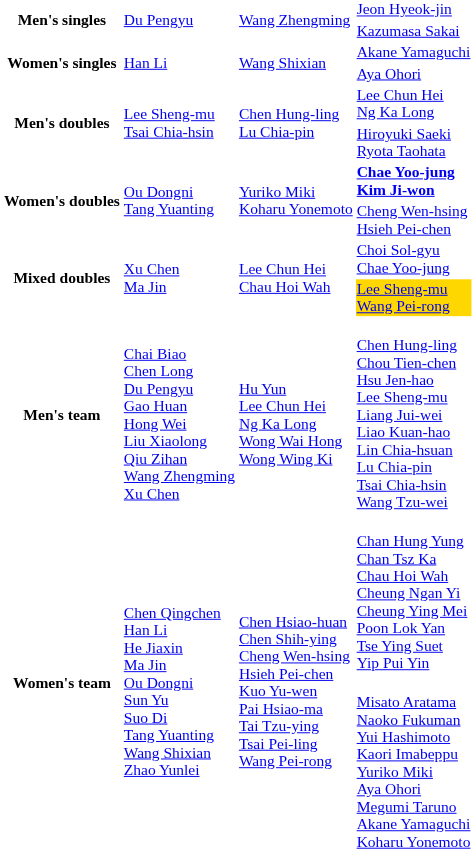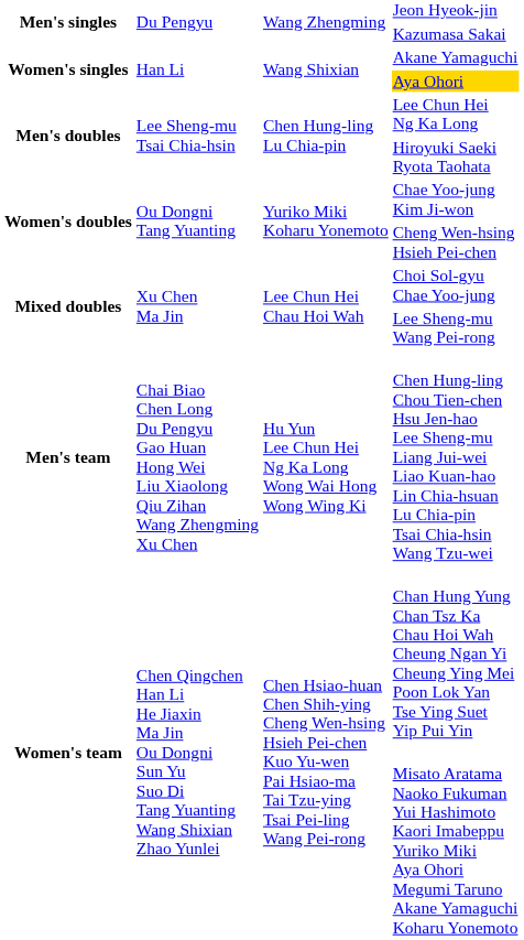 <table>
 <tr>
 <th rowspan=2>Men's singles</th>
 <td rowspan=2> <a href='#'>Du Pengyu</a></td>
 <td rowspan=2> <a href='#'>Wang Zhengming</a></td>
 <td> <a href='#'>Jeon Hyeok-jin</a></td>
 </tr>
 <tr>
 <td> <a href='#'>Kazumasa Sakai</a></td>
 </tr>
 <tr>
 <th rowspan=2>Women's singles</th>
 <td rowspan=2> <a href='#'>Han Li</a></td>
 <td rowspan=2> <a href='#'>Wang Shixian</a></td>
 <td> <a href='#'>Akane Yamaguchi</a></td>
 </tr>
 <tr>
-<td> <a href='#'>Aya Ohori</a></td>
+<td style="background: gold;"> <a href='#'>Aya Ohori</a></td>
 </tr>
 <tr>
 <th rowspan=2>Men's doubles</th>
 <td rowspan=2> <a href='#'>Lee Sheng-mu</a><br> <a href='#'>Tsai Chia-hsin</a></td>
 <td rowspan=2> <a href='#'>Chen Hung-ling</a><br> <a href='#'>Lu Chia-pin</a></td>
 <td> <a href='#'>Lee Chun Hei</a><br> <a href='#'>Ng Ka Long</a></td>
 </tr>
 <tr>
 <td> <a href='#'>Hiroyuki Saeki</a><br> <a href='#'>Ryota Taohata</a></td>
 </tr>
 <tr>
 <th rowspan=2>Women's doubles</th>
 <td rowspan=2> <a href='#'>Ou Dongni</a> <br> <a href='#'>Tang Yuanting</a></td>
 <td rowspan=2> <a href='#'>Yuriko Miki</a><br> <a href='#'>Koharu Yonemoto</a></td>
-<td><strong> <a href='#'>Chae Yoo-jung</a><br> <a href='#'>Kim Ji-won</a></strong></td>
+<td> <a href='#'>Chae Yoo-jung</a><br> <a href='#'>Kim Ji-won</a></td>
 </tr>
 <tr>
 <td> <a href='#'>Cheng Wen-hsing</a><br> <a href='#'>Hsieh Pei-chen</a></td>
 </tr>
 <tr>
 <th rowspan=2>Mixed doubles</th>
 <td rowspan=2> <a href='#'>Xu Chen</a><br> <a href='#'>Ma Jin</a></td>
 <td rowspan=2> <a href='#'>Lee Chun Hei</a><br> <a href='#'>Chau Hoi Wah</a></td>
 <td> <a href='#'>Choi Sol-gyu</a><br> <a href='#'>Chae Yoo-jung</a></td>
 </tr>
 <tr>
-<td style="background: gold;"> <a href='#'>Lee Sheng-mu</a><br> <a href='#'>Wang Pei-rong</a></td>
+<td> <a href='#'>Lee Sheng-mu</a><br> <a href='#'>Wang Pei-rong</a></td>
 </tr>
 <tr>
 <th>Men's team</th>
 <td><br><a href='#'>Chai Biao</a><br><a href='#'>Chen Long</a><br><a href='#'>Du Pengyu</a><br><a href='#'>Gao Huan</a><br><a href='#'>Hong Wei</a><br><a href='#'>Liu Xiaolong</a><br><a href='#'>Qiu Zihan</a><br><a href='#'>Wang Zhengming</a><br><a href='#'>Xu Chen</a></td>
 <td><br><a href='#'>Hu Yun</a><br><a href='#'>Lee Chun Hei</a><br><a href='#'>Ng Ka Long</a><br><a href='#'>Wong Wai Hong</a><br><a href='#'>Wong Wing Ki</a></td>
 <td><br><a href='#'>Chen Hung-ling</a><br><a href='#'>Chou Tien-chen</a><br><a href='#'>Hsu Jen-hao</a><br><a href='#'>Lee Sheng-mu</a><br><a href='#'>Liang Jui-wei</a><br><a href='#'>Liao Kuan-hao</a><br><a href='#'>Lin Chia-hsuan</a><br><a href='#'>Lu Chia-pin</a><br><a href='#'>Tsai Chia-hsin</a><br><a href='#'>Wang Tzu-wei</a></td>
 </tr>
 <tr>
 <th rowspan=2>Women's team</th>
 <td rowspan=2><br><a href='#'>Chen Qingchen</a><br><a href='#'>Han Li</a><br><a href='#'>He Jiaxin</a><br><a href='#'>Ma Jin</a><br><a href='#'>Ou Dongni</a><br><a href='#'>Sun Yu</a><br><a href='#'>Suo Di</a><br><a href='#'>Tang Yuanting</a><br><a href='#'>Wang Shixian</a><br><a href='#'>Zhao Yunlei</a></td>
 <td rowspan=2><br><a href='#'>Chen Hsiao-huan</a><br><a href='#'>Chen Shih-ying</a><br><a href='#'>Cheng Wen-hsing</a><br><a href='#'>Hsieh Pei-chen</a><br><a href='#'>Kuo Yu-wen</a><br><a href='#'>Pai Hsiao-ma</a><br><a href='#'>Tai Tzu-ying</a><br><a href='#'>Tsai Pei-ling</a><br><a href='#'>Wang Pei-rong</a></td>
 <td><br><a href='#'>Chan Hung Yung</a><br><a href='#'>Chan Tsz Ka</a><br><a href='#'>Chau Hoi Wah</a><br><a href='#'>Cheung Ngan Yi</a><br><a href='#'>Cheung Ying Mei</a><br><a href='#'>Poon Lok Yan</a><br><a href='#'>Tse Ying Suet</a><br><a href='#'>Yip Pui Yin</a></td>
 </tr>
 <tr>
 <td><br><a href='#'>Misato Aratama</a><br><a href='#'>Naoko Fukuman</a><br><a href='#'>Yui Hashimoto</a><br><a href='#'>Kaori Imabeppu</a><br><a href='#'>Yuriko Miki</a><br><a href='#'>Aya Ohori</a><br><a href='#'>Megumi Taruno</a><br><a href='#'>Akane Yamaguchi</a><br><a href='#'>Koharu Yonemoto</a></td>
 </tr>
 </table>
